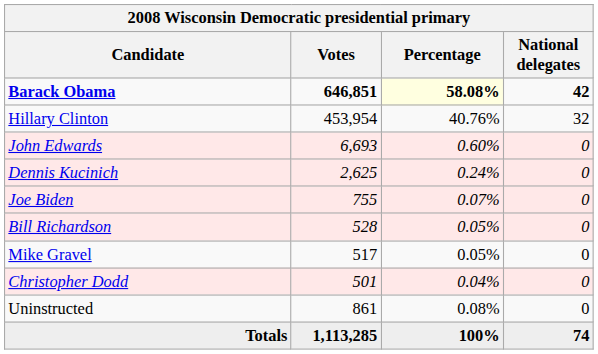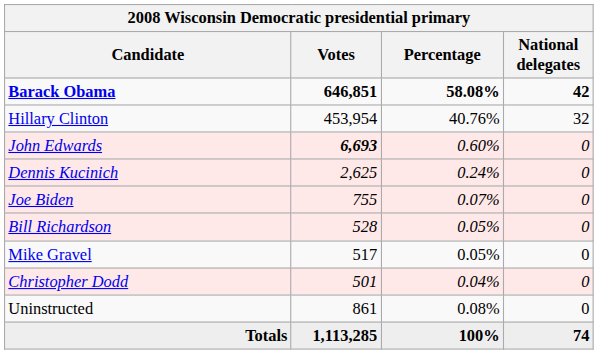 <table class="wikitable" style="font-size: 95%; text-align:right;">
 <tr>
 <th colspan="4">2008 Wisconsin Democratic presidential primary</th>
 </tr>
 <tr>
 <th style="width: 17em">Candidate</th>
 <th style="width: 5em">Votes</th>
 <th style="width: 7em">Percentage</th>
 <th style="width: 5em">National delegates</th>
 </tr>
 <tr>
 <td align="left"><strong><a href='#'>Barack Obama</a></strong></td>
 <td><strong>646,851</strong></td>
-<td style="background: lightyellow;"><strong>58.08%</strong></td>
+<td><strong>58.08%</strong></td>
 <td><strong>42</strong></td>
 </tr>
 <tr>
 <td align="left"><a href='#'>Hillary Clinton</a></td>
 <td>453,954</td>
 <td>40.76%</td>
 <td>32</td>
 </tr>
 <tr bgcolor=#FFE8E8>
 <td align="left"><em><a href='#'>John Edwards</a></em></td>
-<td><em>6,693</em></td>
+<td><strong><em>6,693</em></strong></td>
 <td><em>0.60%</em></td>
 <td><em>0</em></td>
 </tr>
 <tr bgcolor=#FFE8E8>
 <td align="left"><em><a href='#'>Dennis Kucinich</a></em></td>
 <td><em>2,625</em></td>
 <td><em>0.24%</em></td>
 <td><em>0</em></td>
 </tr>
 <tr bgcolor=#FFE8E8>
 <td align="left"><em><a href='#'>Joe Biden</a></em></td>
 <td><em>755</em></td>
 <td><em>0.07%</em></td>
 <td><em>0</em></td>
 </tr>
 <tr bgcolor=#FFE8E8>
 <td align="left"><em><a href='#'>Bill Richardson</a></em></td>
 <td><em>528</em></td>
 <td><em>0.05%</em></td>
 <td><em>0</em></td>
 </tr>
 <tr>
 <td align="left"><a href='#'>Mike Gravel</a></td>
 <td>517</td>
 <td>0.05%</td>
 <td>0</td>
 </tr>
 <tr bgcolor=#FFE8E8>
 <td align="left"><em><a href='#'>Christopher Dodd</a></em></td>
 <td><em>501</em></td>
 <td><em>0.04%</em></td>
 <td><em>0</em></td>
 </tr>
 <tr>
 <td align="left">Uninstructed</td>
 <td>861</td>
 <td>0.08%</td>
 <td>0</td>
 </tr>
 <tr bgcolor="#EEEEEE" style="margin-right:0.5em">
 <td><strong>Totals</strong></td>
 <td><strong>1,113,285</strong></td>
 <td><strong>100%</strong></td>
 <td><strong>74</strong></td>
 </tr>
 </table>
